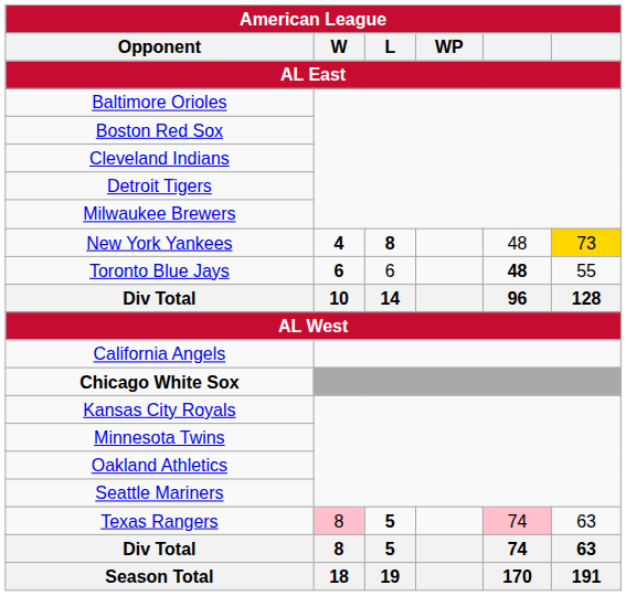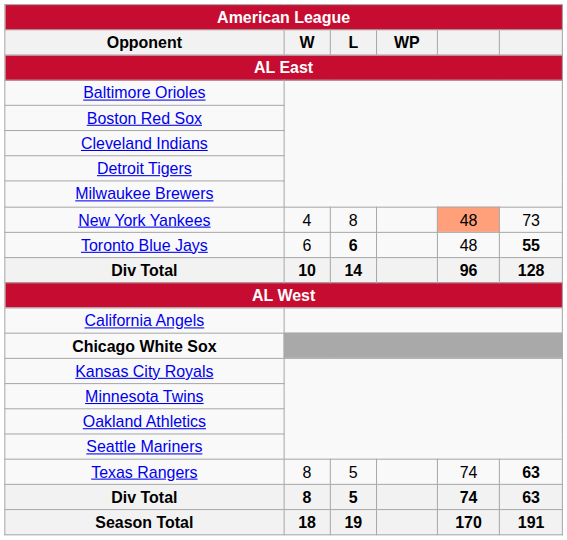 <table class="wikitable" style="margin:1em auto; font-size:95%; text-align:center; width:35em;">
 <tr>
 <th colspan="7" style="background:#c60c30; color:#ffffff;">American League</th>
 </tr>
 <tr>
 <th>Opponent</th>
 <th>W</th>
 <th>L</th>
 <th>WP</th>
 <th></th>
 <th></th>
 </tr>
 <tr>
 <th colspan="7" style="background:#c60c30; color:#ffffff;">AL East</th>
 </tr>
 <tr>
 <td><a href='#'>Baltimore Orioles</a></td>
 </tr>
 <tr>
 <td><a href='#'>Boston Red Sox</a></td>
 </tr>
 <tr>
 <td><a href='#'>Cleveland Indians</a></td>
 </tr>
 <tr>
 <td><a href='#'>Detroit Tigers</a></td>
 </tr>
 <tr>
 <td><a href='#'>Milwaukee Brewers</a></td>
 </tr>
 <tr>
 <td><a href='#'>New York Yankees</a></td>
-<td><strong>4</strong></td>
-<td><strong>8</strong></td>
+<td>4</td>
+<td>8</td>
 <td></td>
-<td>48</td>
-<td style="background: gold;">73</td>
+<td style="background: lightsalmon;">48</td>
+<td>73</td>
 </tr>
 <tr>
 <td><a href='#'>Toronto Blue Jays</a></td>
+<td>6</td>
 <td><strong>6</strong></td>
-<td>6</td>
 <td></td>
-<td><strong>48</strong></td>
-<td>55</td>
+<td>48</td>
+<td><strong>55</strong></td>
 </tr>
 <tr>
 <th>Div Total</th>
 <th>10</th>
 <th>14</th>
 <th></th>
 <th>96</th>
 <th>128</th>
 </tr>
 <tr>
 <th colspan="7" style="background:#c60c30; color:#ffffff;">AL West</th>
 </tr>
 <tr>
 <td><a href='#'>California Angels</a></td>
 </tr>
 <tr>
 <td><strong>Chicago White Sox</strong></td>
 <td colspan=5 style="background:darkgray;"></td>
 </tr>
 <tr>
 <td><a href='#'>Kansas City Royals</a></td>
 </tr>
 <tr>
 <td><a href='#'>Minnesota Twins</a></td>
 </tr>
 <tr>
 <td><a href='#'>Oakland Athletics</a></td>
 </tr>
 <tr>
 <td><a href='#'>Seattle Mariners</a></td>
 </tr>
 <tr>
 <td><a href='#'>Texas Rangers</a></td>
-<td style="background: pink;">8</td>
-<td><strong>5</strong></td>
+<td>8</td>
+<td>5</td>
 <td></td>
-<td style="background: pink;">74</td>
-<td>63</td>
+<td>74</td>
+<td><strong>63</strong></td>
 </tr>
 <tr>
 <th>Div Total</th>
 <th>8</th>
 <th>5</th>
 <th></th>
 <th>74</th>
 <th>63</th>
 </tr>
 <tr>
 <th>Season Total</th>
 <th>18</th>
 <th>19</th>
 <th></th>
 <th>170</th>
 <th>191</th>
 </tr>
 </table>
